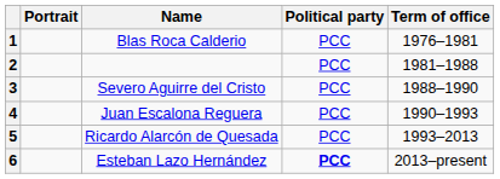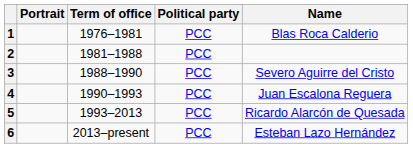 <table class="wikitable" style="text-align:center">
 <tr>
 <th></th>
 <th>Portrait</th>
+<th>Term of office</th>
+<th>Political party</th>
 <th>Name<br></th>
-<th>Political party</th>
-<th>Term of office</th>
 </tr>
 <tr>
 <th style="background:">1</th>
 <td></td>
+<td>1976–1981</td>
+<td><a href='#'>PCC</a></td>
 <td><a href='#'>Blas Roca Calderio</a><br></td>
-<td><a href='#'>PCC</a></td>
-<td>1976–1981</td>
 </tr>
 <tr>
 <th style="background:">2</th>
 <td></td>
+<td>1981–1988</td>
+<td><a href='#'>PCC</a></td>
 <td><br></td>
-<td><a href='#'>PCC</a></td>
-<td>1981–1988</td>
 </tr>
 <tr>
 <th style="background:">3</th>
 <td></td>
+<td>1988–1990</td>
+<td><a href='#'>PCC</a></td>
 <td><a href='#'>Severo Aguirre del Cristo</a><br></td>
-<td><a href='#'>PCC</a></td>
-<td>1988–1990</td>
 </tr>
 <tr>
 <th style="background:">4</th>
 <td></td>
+<td>1990–1993</td>
+<td><a href='#'>PCC</a></td>
 <td><a href='#'>Juan Escalona Reguera</a><br></td>
-<td><a href='#'>PCC</a></td>
-<td>1990–1993</td>
 </tr>
 <tr>
 <th style="background:">5</th>
 <td></td>
+<td>1993–2013</td>
+<td><a href='#'>PCC</a></td>
 <td><a href='#'>Ricardo Alarcón de Quesada</a><br></td>
-<td><a href='#'>PCC</a></td>
-<td>1993–2013</td>
 </tr>
 <tr>
 <th style="background:">6</th>
 <td></td>
+<td>2013–present</td>
+<td><a href='#'>PCC</a></td>
 <td><a href='#'>Esteban Lazo Hernández</a><br></td>
-<td><strong><a href='#'>PCC</a></strong></td>
-<td>2013–present</td>
 </tr>
 </table>
